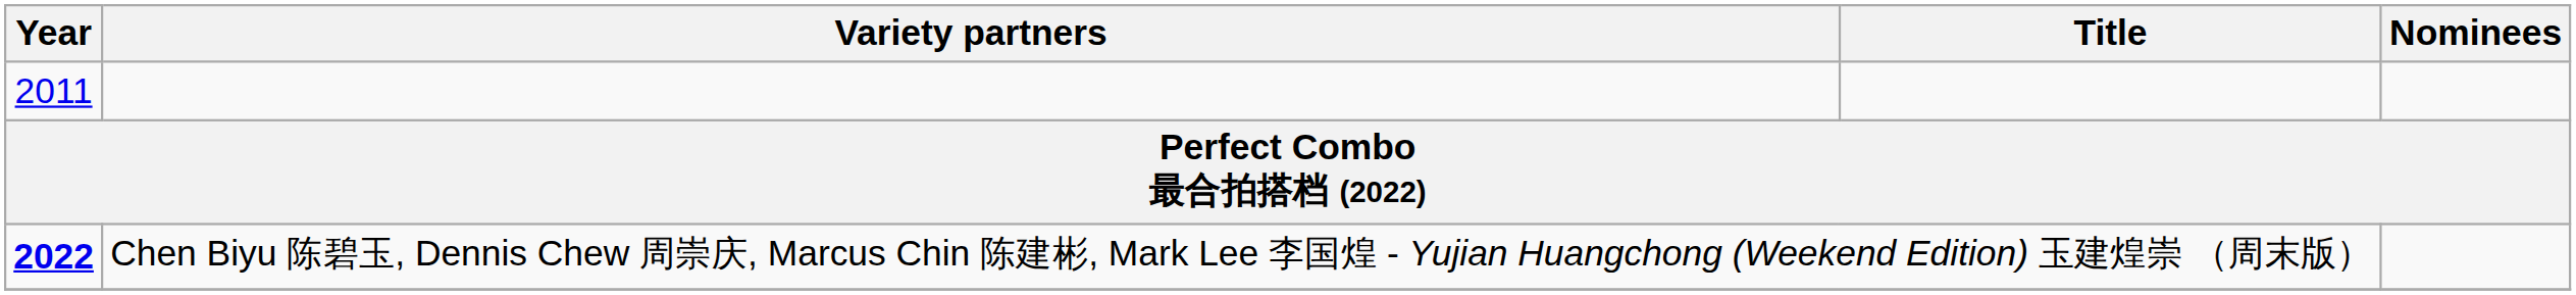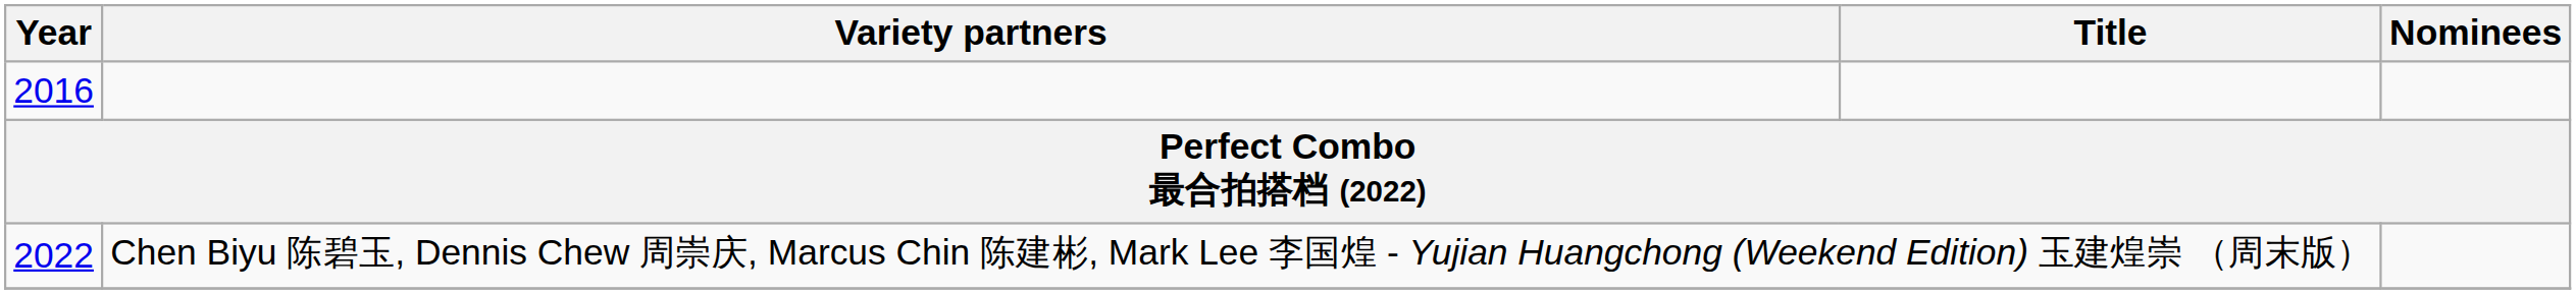 <table class="wikitable sortable">
 <tr>
 <th>Year</th>
 <th>Variety partners</th>
 <th>Title</th>
 <th>Nominees</th>
 </tr>
 <tr>
-<td style="text-align:center;"><a href='#'>2011</a></td>
+<td style="text-align:center;"><a href='#'>2016</a></td>
 <td><br></td>
 <td></td>
 <td></td>
 </tr>
 <tr>
 <th scope="col" colspan="5">Perfect Combo <br> 最合拍搭档 <small>(2022)</small></th>
 </tr>
 <tr>
-<td style="text-align:center;"><strong><a href='#'>2022</a></strong></td>
+<td style="text-align:center;"><a href='#'>2022</a></td>
 <td colspan="2">Chen Biyu 陈碧玉, Dennis Chew 周崇庆, Marcus Chin 陈建彬, Mark Lee 李国煌 - <em>Yujian Huangchong (Weekend Edition)</em> 玉建煌崇 （周末版）</td>
 <td></td>
 </tr>
 <tr>
 </tr>
 </table>
